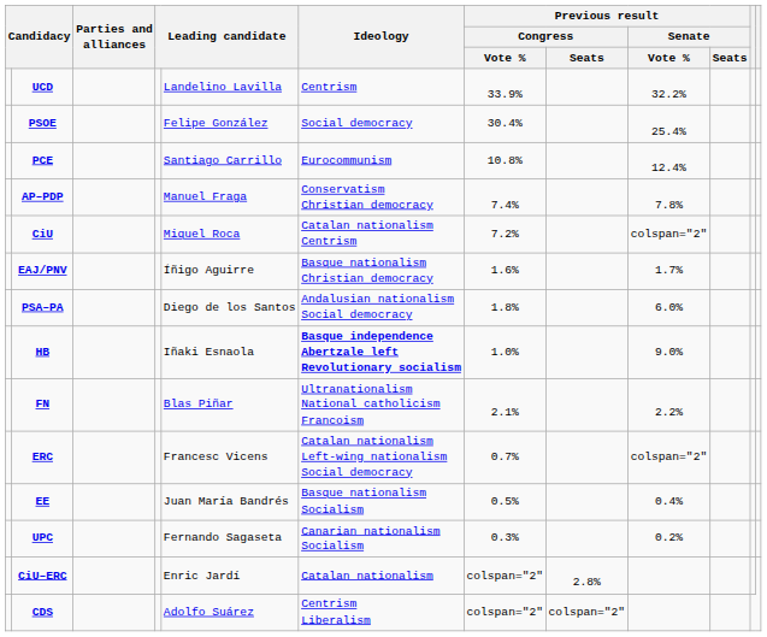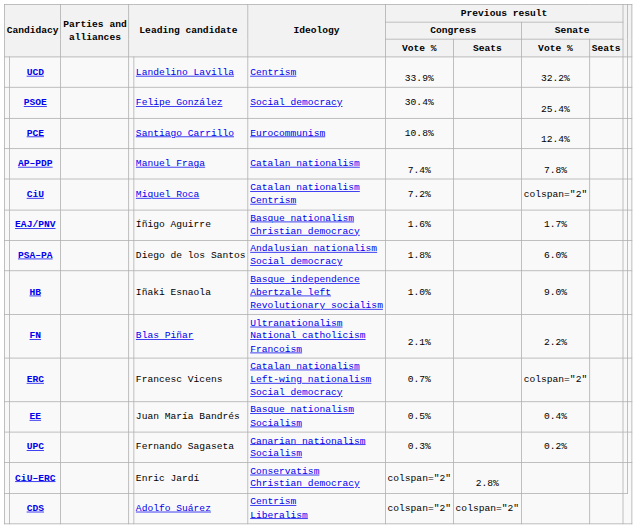 <table class="wikitable" style="line-height:1.35em; text-align:left;">
 <tr>
 <th colspan="2" rowspan="3">Candidacy</th>
 <th rowspan="3">Parties and<br>alliances</th>
 <th colspan="2" rowspan="3">Leading candidate</th>
 <th rowspan="3">Ideology</th>
 <th colspan="4">Previous result</th>
 <th rowspan="3"></th>
 <th rowspan="3"></th>
 </tr>
 <tr>
 <th colspan="2">Congress</th>
 <th colspan="2">Senate</th>
 </tr>
 <tr>
 <th>Vote %</th>
 <th>Seats</th>
 <th>Vote %</th>
 <th>Seats</th>
 </tr>
 <tr>
 <td width="1" style="color:inherit;background:"></td>
 <td align="center"><strong><a href='#'>UCD</a></strong></td>
 <td></td>
 <td></td>
 <td><a href='#'>Landelino Lavilla</a></td>
 <td><a href='#'>Centrism</a></td>
 <td align="center"><br>33.9%<br></td>
 <td></td>
 <td align="center"><br>32.2%<br></td>
 <td></td>
 <td></td>
 <td></td>
 </tr>
 <tr>
 <td style="color:inherit;background:"></td>
 <td align="center"><strong><a href='#'>PSOE</a></strong></td>
 <td></td>
 <td></td>
 <td><a href='#'>Felipe González</a></td>
 <td><a href='#'>Social democracy</a></td>
 <td align="center">30.4%</td>
 <td></td>
 <td align="center"><br>25.4%<br></td>
 <td></td>
 <td></td>
 <td></td>
 </tr>
 <tr>
 <td style="color:inherit;background:"></td>
 <td align="center"><strong><a href='#'>PCE</a></strong></td>
 <td></td>
 <td></td>
 <td><a href='#'>Santiago Carrillo</a></td>
 <td><a href='#'>Eurocommunism</a></td>
 <td align="center">10.8%</td>
 <td></td>
 <td align="center"><br>12.4%<br></td>
 <td></td>
 <td></td>
 <td></td>
 </tr>
 <tr>
 <td style="color:inherit;background:"></td>
 <td align="center"><strong><a href='#'>AP–PDP</a></strong></td>
 <td></td>
 <td></td>
 <td><a href='#'>Manuel Fraga</a></td>
-<td><a href='#'>Conservatism</a><br><a href='#'>Christian democracy</a></td>
+<td><a href='#'>Catalan nationalism</a></td>
 <td align="center"><br>7.4%<br></td>
 <td></td>
 <td align="center"><br>7.8%<br></td>
 <td></td>
 <td></td>
 <td></td>
 </tr>
 <tr>
 <td style="color:inherit;background:"></td>
 <td align="center"><strong><a href='#'>CiU</a></strong></td>
 <td></td>
 <td></td>
 <td><a href='#'>Miquel Roca</a></td>
 <td><a href='#'>Catalan nationalism</a><br><a href='#'>Centrism</a></td>
 <td align="center">7.2%</td>
 <td></td>
 <td>colspan="2" </td>
 <td></td>
 <td></td>
 </tr>
 <tr>
 <td style="color:inherit;background:"></td>
 <td align="center"><strong><a href='#'>EAJ/PNV</a></strong></td>
 <td></td>
 <td></td>
 <td>Íñigo Aguirre</td>
 <td><a href='#'>Basque nationalism</a><br><a href='#'>Christian democracy</a></td>
 <td align="center">1.6%</td>
 <td></td>
 <td align="center">1.7%</td>
 <td></td>
 <td></td>
 <td></td>
 </tr>
 <tr>
 <td style="color:inherit;background:"></td>
 <td align="center"><strong><a href='#'>PSA–PA</a></strong></td>
 <td></td>
 <td></td>
 <td>Diego de los Santos</td>
 <td><a href='#'>Andalusian nationalism</a><br><a href='#'>Social democracy</a></td>
 <td align="center">1.8%</td>
 <td></td>
 <td align="center">6.0%</td>
 <td></td>
 <td></td>
 <td></td>
 </tr>
 <tr>
 <td style="color:inherit;background:"></td>
 <td align="center"><strong><a href='#'>HB</a></strong></td>
 <td></td>
 <td></td>
 <td>Iñaki Esnaola</td>
-<td><strong><a href='#'>Basque independence</a><br><a href='#'>Abertzale left</a><br><a href='#'>Revolutionary socialism</a></strong></td>
+<td><a href='#'>Basque independence</a><br><a href='#'>Abertzale left</a><br><a href='#'>Revolutionary socialism</a></td>
 <td align="center">1.0%</td>
 <td></td>
 <td align="center">9.0%</td>
 <td></td>
 <td></td>
 <td></td>
 </tr>
 <tr>
 <td style="color:inherit;background:"></td>
 <td align="center"><strong><a href='#'>FN</a></strong></td>
 <td></td>
 <td></td>
 <td><a href='#'>Blas Piñar</a></td>
 <td><a href='#'>Ultranationalism</a><br><a href='#'>National catholicism</a><br><a href='#'>Francoism</a></td>
 <td align="center"><br>2.1%<br></td>
 <td></td>
 <td align="center"><br>2.2%<br></td>
 <td></td>
 <td></td>
 <td></td>
 </tr>
 <tr>
 <td style="color:inherit;background:"></td>
 <td align="center"><strong><a href='#'>ERC</a></strong></td>
 <td></td>
 <td></td>
 <td>Francesc Vicens</td>
 <td><a href='#'>Catalan nationalism</a><br><a href='#'>Left-wing nationalism</a><br><a href='#'>Social democracy</a></td>
 <td align="center">0.7%</td>
 <td></td>
 <td>colspan="2" </td>
 <td></td>
 <td></td>
 </tr>
 <tr>
 <td style="color:inherit;background:"></td>
 <td align="center"><strong><a href='#'>EE</a></strong></td>
 <td></td>
 <td></td>
 <td>Juan María Bandrés</td>
 <td><a href='#'>Basque nationalism</a><br><a href='#'>Socialism</a></td>
 <td align="center">0.5%</td>
 <td></td>
 <td align="center">0.4%</td>
 <td></td>
 <td></td>
 <td></td>
 </tr>
 <tr>
 <td style="color:inherit;background:"></td>
 <td align="center"><strong><a href='#'>UPC</a></strong></td>
 <td></td>
 <td></td>
 <td>Fernando Sagaseta</td>
 <td><a href='#'>Canarian nationalism</a><br><a href='#'>Socialism</a></td>
 <td align="center">0.3%</td>
 <td></td>
 <td align="center">0.2%</td>
 <td></td>
 <td></td>
 <td></td>
 </tr>
 <tr>
 <td style="color:inherit;background:"></td>
 <td align="center"><strong><a href='#'>CiU–ERC</a></strong></td>
 <td></td>
 <td></td>
 <td>Enric Jardí</td>
-<td><a href='#'>Catalan nationalism</a></td>
+<td><a href='#'>Conservatism</a><br><a href='#'>Christian democracy</a></td>
 <td>colspan="2" </td>
 <td align="center"><br>2.8%<br></td>
 <td></td>
 <td></td>
 <td></td>
 </tr>
 <tr>
 <td style="color:inherit;background:"></td>
 <td align="center"><strong><a href='#'>CDS</a></strong></td>
 <td></td>
 <td></td>
 <td><a href='#'>Adolfo Suárez</a></td>
 <td><a href='#'>Centrism</a><br><a href='#'>Liberalism</a></td>
 <td>colspan="2" </td>
 <td>colspan="2" </td>
 <td></td>
 <td></td>
 </tr>
 </table>
